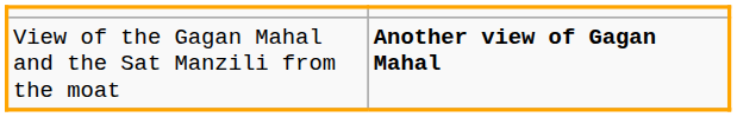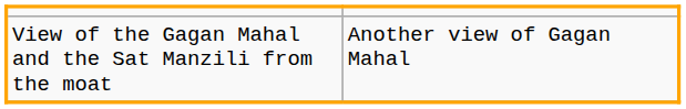 <table class="wikitable" align="left" width="30%" style="font-size:90%; border:2px solid orange;">
 <tr>
 <td width="40%" align="center" valign="center"></td>
 <td width="40%" align="center" valign="center"></td>
 </tr>
 <tr>
 <td valign="top">View of the Gagan Mahal and the Sat Manzili from the moat</td>
-<td valign="top"><strong>Another view of Gagan Mahal</strong></td>
+<td valign="top">Another view of Gagan Mahal</td>
 </tr>
 <tr>
 </tr>
 </table>
